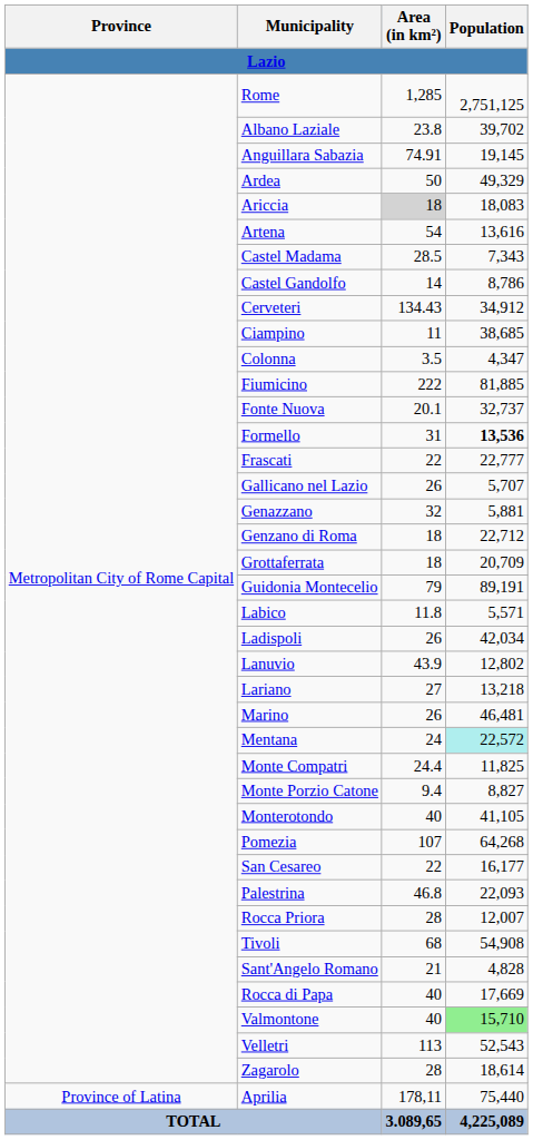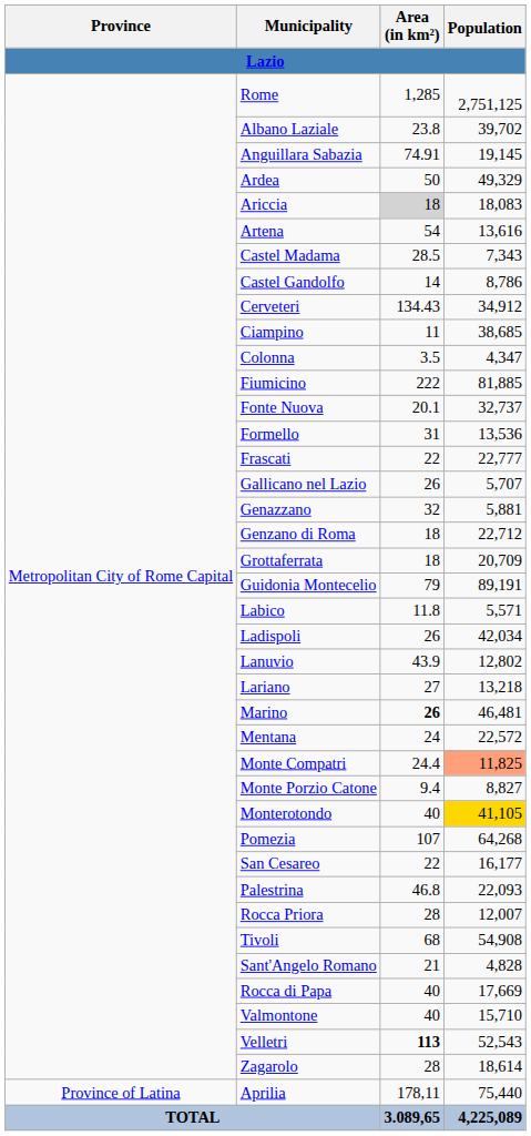 <table class="wikitable">
 <tr bgcolor="lightsteelblue">
 <th align=center>Province</th>
 <th align=center>Municipality</th>
 <th align=center>Area <br> (in km²)</th>
 <th align=center>Population<sup></sup></th>
 </tr>
 <tr bgcolor="steelblue">
 <td colspan=4 align=center><strong><a href='#'>Lazio</a></strong></td>
 </tr>
 <tr>
 <td rowspan=39 align=center><a href='#'>Metropolitan City of Rome Capital</a></td>
 <td><a href='#'>Rome</a></td>
 <td align=right>1,285</td>
 <td align=right><br>2,751,125</td>
 </tr>
 <tr>
 <td><a href='#'>Albano Laziale</a></td>
 <td align=right>23.8</td>
 <td align=right>39,702</td>
 </tr>
 <tr>
 <td><a href='#'>Anguillara Sabazia</a></td>
 <td align=right>74.91</td>
 <td align=right>19,145</td>
 </tr>
 <tr>
 <td><a href='#'>Ardea</a></td>
 <td align=right>50</td>
 <td align=right>49,329</td>
 </tr>
 <tr>
 <td><a href='#'>Ariccia</a></td>
 <td align=right style="background: lightgrey;">18</td>
 <td align=right>18,083</td>
 </tr>
 <tr>
 <td><a href='#'>Artena</a></td>
 <td align=right>54</td>
 <td align=right>13,616</td>
 </tr>
 <tr>
 <td><a href='#'>Castel Madama</a></td>
 <td align=right>28.5</td>
 <td align=right>7,343</td>
 </tr>
 <tr>
 <td><a href='#'>Castel Gandolfo</a></td>
 <td align=right>14</td>
 <td align=right>8,786</td>
 </tr>
 <tr>
 <td><a href='#'>Cerveteri</a></td>
 <td align=right>134.43</td>
 <td align=right>34,912</td>
 </tr>
 <tr>
 <td><a href='#'>Ciampino</a></td>
 <td align=right>11</td>
 <td align=right>38,685</td>
 </tr>
 <tr>
 <td><a href='#'>Colonna</a></td>
 <td align=right>3.5</td>
 <td align=right>4,347</td>
 </tr>
 <tr>
 <td><a href='#'>Fiumicino</a></td>
 <td align=right>222</td>
 <td align=right>81,885</td>
 </tr>
 <tr>
 <td><a href='#'>Fonte Nuova</a></td>
 <td align=right>20.1</td>
 <td align=right>32,737</td>
 </tr>
 <tr>
 <td><a href='#'>Formello</a></td>
 <td align=right>31</td>
-<td align=right><strong>13,536</strong></td>
+<td align=right>13,536</td>
 </tr>
 <tr>
 <td><a href='#'>Frascati</a></td>
 <td align=right>22</td>
 <td align=right>22,777</td>
 </tr>
 <tr>
 <td><a href='#'>Gallicano nel Lazio</a></td>
 <td align=right>26</td>
 <td align=right>5,707</td>
 </tr>
 <tr>
 <td><a href='#'>Genazzano</a></td>
 <td align=right>32</td>
 <td align=right>5,881</td>
 </tr>
 <tr>
 <td><a href='#'>Genzano di Roma</a></td>
 <td align=right>18</td>
 <td align=right>22,712</td>
 </tr>
 <tr>
 <td><a href='#'>Grottaferrata</a></td>
 <td align=right>18</td>
 <td align=right>20,709</td>
 </tr>
 <tr>
 <td><a href='#'>Guidonia Montecelio</a></td>
 <td align=right>79</td>
 <td align=right>89,191</td>
 </tr>
 <tr>
 <td><a href='#'>Labico</a></td>
 <td align=right>11.8</td>
 <td align=right>5,571</td>
 </tr>
 <tr>
 <td><a href='#'>Ladispoli</a></td>
 <td align=right>26</td>
 <td align=right>42,034</td>
 </tr>
 <tr>
 <td><a href='#'>Lanuvio</a></td>
 <td align=right>43.9</td>
 <td align=right>12,802</td>
 </tr>
 <tr>
 <td><a href='#'>Lariano</a></td>
 <td align=right>27</td>
 <td align=right>13,218</td>
 </tr>
 <tr>
 <td><a href='#'>Marino</a></td>
-<td align=right>26</td>
+<td align=right><strong>26</strong></td>
 <td align=right>46,481</td>
 </tr>
 <tr>
 <td><a href='#'>Mentana</a></td>
 <td align=right>24</td>
-<td align=right style="background: paleturquoise;">22,572</td>
+<td align=right>22,572</td>
 </tr>
 <tr>
 <td><a href='#'>Monte Compatri</a></td>
 <td align=right>24.4</td>
-<td align=right>11,825</td>
+<td align=right style="background: lightsalmon;">11,825</td>
 </tr>
 <tr>
 <td><a href='#'>Monte Porzio Catone</a></td>
 <td align=right>9.4</td>
 <td align=right>8,827</td>
 </tr>
 <tr>
 <td><a href='#'>Monterotondo</a></td>
 <td align=right>40</td>
-<td align=right>41,105</td>
+<td align=right style="background: gold;">41,105</td>
 </tr>
 <tr>
 <td><a href='#'>Pomezia</a></td>
 <td align=right>107</td>
 <td align=right>64,268</td>
 </tr>
 <tr>
 <td><a href='#'>San Cesareo</a></td>
 <td align=right>22</td>
 <td align=right>16,177</td>
 </tr>
 <tr>
 <td><a href='#'>Palestrina</a></td>
 <td align=right>46.8</td>
 <td align=right>22,093</td>
 </tr>
 <tr>
 <td><a href='#'>Rocca Priora</a></td>
 <td align=right>28</td>
 <td align=right>12,007</td>
 </tr>
 <tr>
 <td><a href='#'>Tivoli</a></td>
 <td align=right>68</td>
 <td align=right>54,908</td>
 </tr>
 <tr>
 <td><a href='#'>Sant'Angelo Romano</a></td>
 <td align=right>21</td>
 <td align=right>4,828</td>
 </tr>
 <tr>
 <td><a href='#'>Rocca di Papa</a></td>
 <td align=right>40</td>
 <td align=right>17,669</td>
 </tr>
 <tr>
 <td><a href='#'>Valmontone</a></td>
 <td align=right>40</td>
-<td align=right style="background: lightgreen;">15,710</td>
+<td align=right>15,710</td>
 </tr>
 <tr>
 <td><a href='#'>Velletri</a></td>
-<td align=right>113</td>
+<td align=right><strong>113</strong></td>
 <td align=right>52,543</td>
 </tr>
 <tr>
 <td><a href='#'>Zagarolo</a></td>
 <td align=right>28</td>
 <td align=right>18,614</td>
 </tr>
 <tr>
 <td rowspan=1 align=center><a href='#'>Province of Latina</a></td>
 <td><a href='#'>Aprilia</a></td>
 <td align=right>178,11</td>
 <td align=right>75,440</td>
 </tr>
 <tr bgcolor="lightsteelblue">
 <td colspan=2 align=center><strong>TOTAL</strong></td>
 <td align=right><strong>3.089,65</strong></td>
 <td align=right><strong>4,225,089</strong></td>
 </tr>
 </table>
